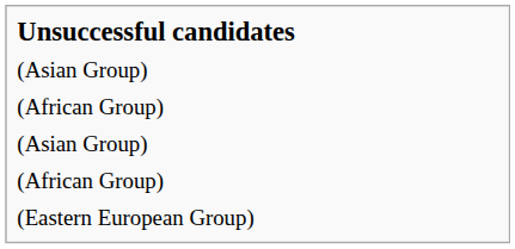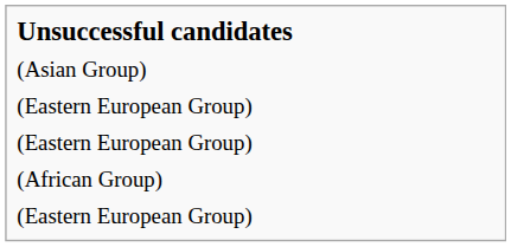 <table class="infobox" style="width:300px;">
 <tr>
 <td><strong>Unsuccessful candidates</strong></td>
 </tr>
 <tr>
 <td> <small>(Asian Group)</small></td>
 </tr>
 <tr>
-<td> <small>(African Group)</small></td>
+<td> <small>(Eastern European Group)</small></td>
 </tr>
 <tr>
-<td> <small>(Asian Group)</small></td>
+<td> <small>(Eastern European Group)</small></td>
 </tr>
 <tr>
 <td> <small>(African Group)</small></td>
 </tr>
 <tr>
 <td> <small>(Eastern European Group)</small></td>
 </tr>
 </table>
